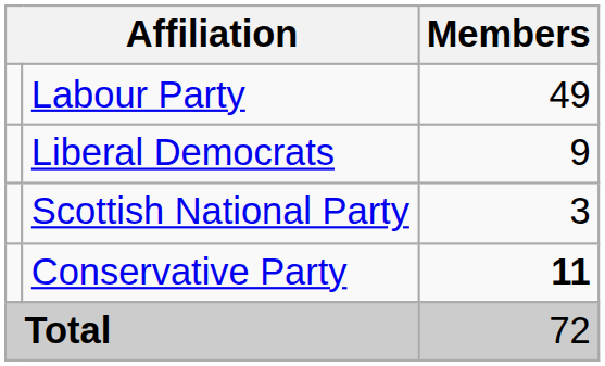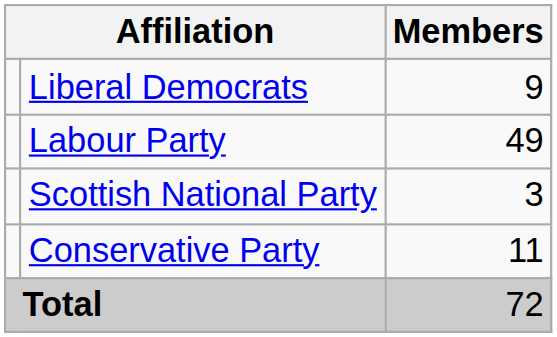 <table class="wikitable">
 <tr>
 <th colspan="2">Affiliation</th>
 <th>Members</th>
 </tr>
 <tr>
 <td style="color:inherit;background:"></td>
-<td><a href='#'>Labour Party</a></td>
-<td align="right">49</td>
+<td><a href='#'>Liberal Democrats</a></td>
+<td align="right">9</td>
 </tr>
 <tr>
 <td style="color:inherit;background:"></td>
-<td><a href='#'>Liberal Democrats</a></td>
-<td align="right">9</td>
+<td><a href='#'>Labour Party</a></td>
+<td align="right">49</td>
 </tr>
 <tr>
 <td style="color:inherit;background:"></td>
 <td><a href='#'>Scottish National Party</a></td>
 <td align="right">3</td>
 </tr>
 <tr>
 <td style="color:inherit;background:"></td>
 <td><a href='#'>Conservative Party</a></td>
-<td align="right"><strong>11</strong></td>
+<td align="right">11</td>
 </tr>
 <tr bgcolor="CCCCCC">
 <td colspan="2" rowspan="1"> <strong>Total</strong></td>
 <td align="right">72</td>
 </tr>
 </table>
